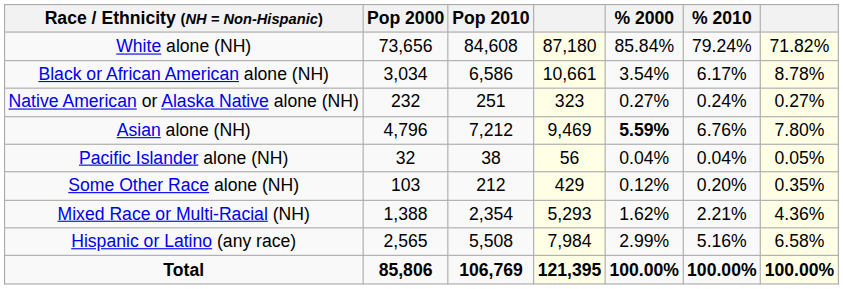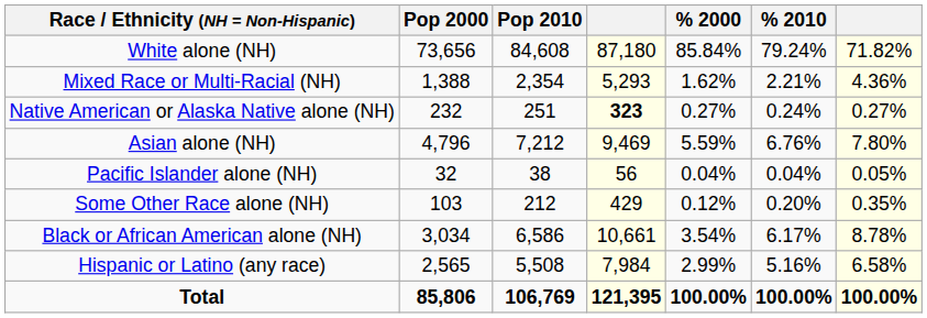 <table class="wikitable" style="text-align:center;">
 <tr>
 <th>Race / Ethnicity <small>(<em>NH = Non-Hispanic</em>)</small></th>
 <th>Pop 2000</th>
 <th>Pop 2010</th>
 <th></th>
 <th>% 2000</th>
 <th>% 2010</th>
 <th></th>
 </tr>
 <tr>
 <td><a href='#'>White</a> alone (NH)</td>
 <td>73,656</td>
 <td>84,608</td>
 <td style='background: #ffffe6;'>87,180</td>
 <td>85.84%</td>
 <td>79.24%</td>
 <td style='background: #ffffe6;'>71.82%</td>
 </tr>
 <tr>
-<td><a href='#'>Black or African American</a> alone (NH)</td>
-<td>3,034</td>
-<td>6,586</td>
-<td style='background: #ffffe6;'>10,661</td>
-<td>3.54%</td>
-<td>6.17%</td>
-<td style='background: #ffffe6;'>8.78%</td>
+<td><a href='#'>Mixed Race or Multi-Racial</a> (NH)</td>
+<td>1,388</td>
+<td>2,354</td>
+<td style='background: #ffffe6;'>5,293</td>
+<td>1.62%</td>
+<td>2.21%</td>
+<td style='background: #ffffe6;'>4.36%</td>
 </tr>
 <tr>
 <td><a href='#'>Native American</a> or <a href='#'>Alaska Native</a> alone (NH)</td>
 <td>232</td>
 <td>251</td>
-<td style='background: #ffffe6;'>323</td>
+<td style='background: #ffffe6;'><strong>323</strong></td>
 <td>0.27%</td>
 <td>0.24%</td>
 <td style='background: #ffffe6;'>0.27%</td>
 </tr>
 <tr>
 <td><a href='#'>Asian</a> alone (NH)</td>
 <td>4,796</td>
 <td>7,212</td>
 <td style='background: #ffffe6;'>9,469</td>
-<td><strong>5.59%</strong></td>
+<td>5.59%</td>
 <td>6.76%</td>
 <td style='background: #ffffe6;'>7.80%</td>
 </tr>
 <tr>
 <td><a href='#'>Pacific Islander</a> alone (NH)</td>
 <td>32</td>
 <td>38</td>
 <td style='background: #ffffe6;'>56</td>
 <td>0.04%</td>
 <td>0.04%</td>
 <td style='background: #ffffe6;'>0.05%</td>
 </tr>
 <tr>
 <td><a href='#'>Some Other Race</a> alone (NH)</td>
 <td>103</td>
 <td>212</td>
 <td style='background: #ffffe6;'>429</td>
 <td>0.12%</td>
 <td>0.20%</td>
 <td style='background: #ffffe6;'>0.35%</td>
 </tr>
 <tr>
-<td><a href='#'>Mixed Race or Multi-Racial</a> (NH)</td>
-<td>1,388</td>
-<td>2,354</td>
-<td style='background: #ffffe6;'>5,293</td>
-<td>1.62%</td>
-<td>2.21%</td>
-<td style='background: #ffffe6;'>4.36%</td>
+<td><a href='#'>Black or African American</a> alone (NH)</td>
+<td>3,034</td>
+<td>6,586</td>
+<td style='background: #ffffe6;'>10,661</td>
+<td>3.54%</td>
+<td>6.17%</td>
+<td style='background: #ffffe6;'>8.78%</td>
 </tr>
 <tr>
 <td><a href='#'>Hispanic or Latino</a> (any race)</td>
 <td>2,565</td>
 <td>5,508</td>
 <td style='background: #ffffe6;'>7,984</td>
 <td>2.99%</td>
 <td>5.16%</td>
 <td style='background: #ffffe6;'>6.58%</td>
 </tr>
 <tr>
 <td><strong>Total</strong></td>
 <td><strong>85,806</strong></td>
 <td><strong>106,769</strong></td>
 <td style='background: #ffffe6;'><strong>121,395</strong></td>
 <td><strong>100.00%</strong></td>
 <td><strong>100.00%</strong></td>
 <td style='background: #ffffe6;'><strong>100.00%</strong></td>
 </tr>
 </table>
